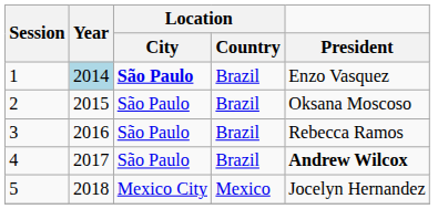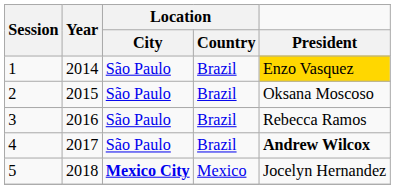 <table class=wikitable>
 <tr>
 <th rowspan="2">Session</th>
 <th rowspan="2">Year</th>
 <th colspan="2">Location</th>
 </tr>
 <tr>
 <th>City</th>
 <th>Country</th>
 <th rowspan="1">President</th>
 </tr>
 <tr>
 <td>1</td>
-<td style="background: lightblue;">2014</td>
-<td><strong><a href='#'>São Paulo</a></strong></td>
+<td>2014</td>
+<td><a href='#'>São Paulo</a></td>
 <td><a href='#'>Brazil</a></td>
-<td>Enzo Vasquez</td>
+<td style="background: gold;">Enzo Vasquez</td>
 </tr>
 <tr>
 <td>2</td>
 <td>2015</td>
 <td><a href='#'>São Paulo</a></td>
 <td><a href='#'>Brazil</a></td>
 <td>Oksana Moscoso</td>
 </tr>
 <tr>
 <td>3</td>
 <td>2016</td>
 <td><a href='#'>São Paulo</a></td>
 <td><a href='#'>Brazil</a></td>
 <td>Rebecca Ramos</td>
 </tr>
 <tr>
 <td>4</td>
 <td>2017</td>
 <td><a href='#'>São Paulo</a></td>
 <td><a href='#'>Brazil</a></td>
 <td><strong>Andrew Wilcox</strong></td>
 </tr>
 <tr>
 <td>5</td>
 <td>2018</td>
-<td><a href='#'>Mexico City</a></td>
+<td><strong><a href='#'>Mexico City</a></strong></td>
 <td><a href='#'>Mexico</a></td>
 <td>Jocelyn Hernandez</td>
 </tr>
 <tr>
 </tr>
 </table>
